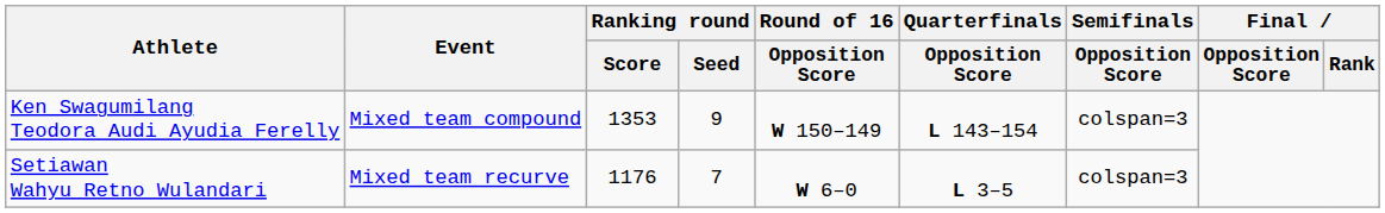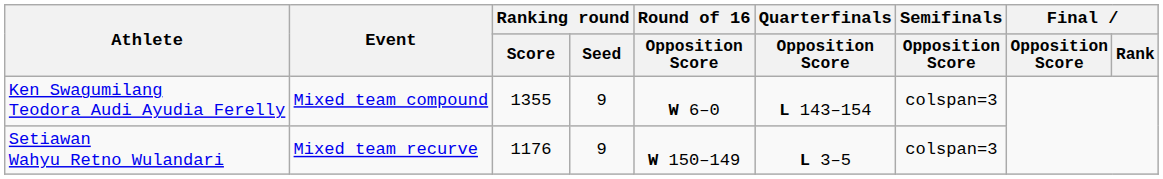 <table class="wikitable" style="text-align:center; font-size:90%">
 <tr>
 <th rowspan=2>Athlete</th>
 <th rowspan=2>Event</th>
 <th colspan=2>Ranking round</th>
 <th>Round of 16</th>
 <th>Quarterfinals</th>
 <th>Semifinals</th>
 <th colspan=2>Final / </th>
 </tr>
 <tr style="font-size:95%">
 <th>Score</th>
 <th>Seed</th>
 <th>Opposition<br>Score</th>
 <th>Opposition<br>Score</th>
 <th>Opposition<br>Score</th>
 <th>Opposition<br>Score</th>
 <th>Rank</th>
 </tr>
 <tr>
 <td align=left><a href='#'>Ken Swagumilang</a><br><a href='#'>Teodora Audi Ayudia Ferelly</a></td>
 <td align=left><a href='#'>Mixed team compound</a></td>
-<td>1353</td>
+<td>1355</td>
 <td>9</td>
-<td><br><strong>W</strong> 150–149</td>
+<td><br><strong>W</strong> 6–0</td>
 <td><br><strong>L</strong> 143–154</td>
 <td>colspan=3 </td>
 </tr>
 <tr>
 <td align=left><a href='#'>Setiawan</a><br><a href='#'>Wahyu Retno Wulandari</a></td>
 <td align=left><a href='#'>Mixed team recurve</a></td>
 <td>1176</td>
-<td>7</td>
-<td><br><strong>W</strong> 6–0</td>
+<td>9</td>
+<td><br><strong>W</strong> 150–149</td>
 <td><br><strong>L</strong> 3–5</td>
 <td>colspan=3 </td>
 </tr>
 </table>
